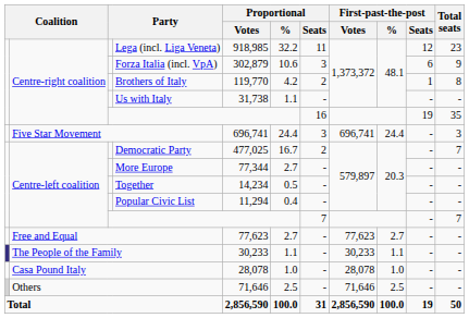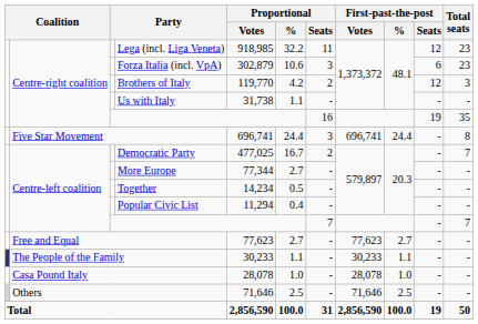 <table class="wikitable" style="text-align:right">
 <tr>
 <th colspan="2" rowspan="2">Coalition</th>
 <th colspan=2 rowspan=2>Party</th>
 <th colspan="3"  style="text-align:center; vertical-align:top;">Proportional</th>
 <th colspan="3"  style="text-align:center; vertical-align:top;">First-past-the-post</th>
 <th style="text-align:center;" rowspan="2">Total<br>seats</th>
 </tr>
 <tr>
 <th style="text-align:center; vertical-align:bottom;">Votes</th>
 <th style="text-align:center; vertical-align:bottom;">%</th>
 <th style="text-align:center; vertical-align:bottom;">Seats</th>
 <th style="text-align:center; vertical-align:bottom;">Votes</th>
 <th style="text-align:center; vertical-align:bottom;">%</th>
 <th style="text-align:center; vertical-align:bottom;">Seats</th>
 </tr>
 <tr>
 <td rowspan="5"></td>
 <td style="text-align:left;" rowspan="5"><a href='#'>Centre-right coalition</a></td>
 <td></td>
 <td align=left><a href='#'>Lega</a> (incl. <a href='#'>Liga Veneta</a>)</td>
 <td>918,985</td>
 <td>32.2</td>
 <td>11</td>
 <td rowspan="4">1,373,372</td>
 <td rowspan="4">48.1</td>
 <td>12</td>
 <td>23</td>
 </tr>
 <tr>
 <td></td>
 <td align=left><a href='#'>Forza Italia</a> (incl. <a href='#'>VpA</a>)</td>
 <td>302,879</td>
 <td>10.6</td>
 <td>3</td>
 <td>6</td>
-<td>9</td>
+<td>23</td>
 </tr>
 <tr>
 <td></td>
 <td align=left><a href='#'>Brothers of Italy</a></td>
 <td>119,770</td>
 <td>4.2</td>
 <td>2</td>
-<td>1</td>
-<td>8</td>
+<td>12</td>
+<td>3</td>
 </tr>
 <tr>
 <td></td>
 <td align=left><a href='#'>Us with Italy</a></td>
 <td>31,738</td>
 <td>1.1</td>
 <td>-</td>
 <td>-</td>
 <td>-</td>
 </tr>
 <tr>
 <td colspan="4" style="text-align:left;"></td>
 <td>16</td>
 <td colspan="2"></td>
 <td>19</td>
 <td>35</td>
 </tr>
 <tr 、>
 <td style="background:"></td>
 <td colspan="3" style="text-align:left;"><a href='#'>Five Star Movement</a></td>
 <td>696,741</td>
 <td>24.4</td>
 <td>3</td>
 <td>696,741</td>
 <td>24.4</td>
 <td>-</td>
-<td>3</td>
+<td>8</td>
 </tr>
 <tr>
 <td rowspan="5"></td>
 <td style="text-align:left;" rowspan="5"><a href='#'>Centre-left coalition</a></td>
 <td></td>
 <td align=left><a href='#'>Democratic Party</a></td>
 <td>477,025</td>
 <td>16.7</td>
 <td>2</td>
 <td rowspan="4">579,897</td>
 <td rowspan="4">20.3</td>
 <td>-</td>
 <td>7</td>
 </tr>
 <tr>
 <td></td>
 <td style="text-align:left;"><a href='#'>More Europe</a></td>
 <td>77,344</td>
 <td>2.7</td>
 <td>-</td>
 <td>-</td>
 <td>-</td>
 </tr>
 <tr>
 <td></td>
 <td style="text-align:left;"><a href='#'>Together</a></td>
 <td>14,234</td>
 <td>0.5</td>
 <td>-</td>
 <td>-</td>
 <td>-</td>
 </tr>
 <tr>
 <td></td>
 <td style="text-align:left;"><a href='#'>Popular Civic List</a></td>
 <td>11,294</td>
 <td>0.4</td>
 <td>-</td>
 <td>-</td>
 <td>-</td>
 </tr>
 <tr>
 <td colspan="4" style="text-align:left;"></td>
 <td>7</td>
 <td colspan="2"></td>
 <td>-</td>
 <td>7</td>
 </tr>
 <tr>
 <td style="background:"></td>
 <td colspan="3" style="text-align:left;"><a href='#'>Free and Equal</a></td>
 <td>77,623</td>
 <td>2.7</td>
 <td>-</td>
 <td>77,623</td>
 <td>2.7</td>
 <td>-</td>
 <td>-</td>
 </tr>
 <tr>
 <td style="background:#342d7e;"></td>
 <td colspan="3" style="text-align:left;"><a href='#'>The People of the Family</a></td>
 <td>30,233</td>
 <td>1.1</td>
 <td>-</td>
 <td>30,233</td>
 <td>1.1</td>
 <td>-</td>
 <td>-</td>
 </tr>
 <tr>
 <td style="background:"></td>
 <td colspan="3" style="text-align:left;"><a href='#'>Casa Pound Italy</a></td>
 <td>28,078</td>
 <td>1.0</td>
 <td>-</td>
 <td>28,078</td>
 <td>1.0</td>
 <td>-</td>
 <td>-</td>
 </tr>
 <tr>
 <td style="background:lightgrey"></td>
 <td colspan="3" style="text-align:left;">Others</td>
 <td>71,646</td>
 <td>2.5</td>
 <td>-</td>
 <td>71,646</td>
 <td>2.5</td>
 <td>-</td>
 <td>-</td>
 </tr>
 <tr>
 <td colspan="4" style="text-align:left;"><strong>Total</strong></td>
 <td><strong>2,856,590</strong></td>
 <td><strong>100.0</strong></td>
 <td><strong>31</strong></td>
 <td><strong>2,856,590</strong></td>
 <td><strong>100.0</strong></td>
 <td><strong>19</strong></td>
 <td><strong>50</strong></td>
 </tr>
 </table>
